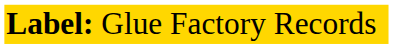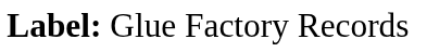 <table style="float: right; clear: right; margin: 0 0 1em 1em; width: 200px;">
 <tr>
 <td></td>
 </tr>
 <tr>
-<td style="background: gold;"><strong>Label:</strong> Glue Factory Records</td>
+<td><strong>Label:</strong> Glue Factory Records</td>
 </tr>
 <tr>
 <td></td>
 </tr>
 </table>
